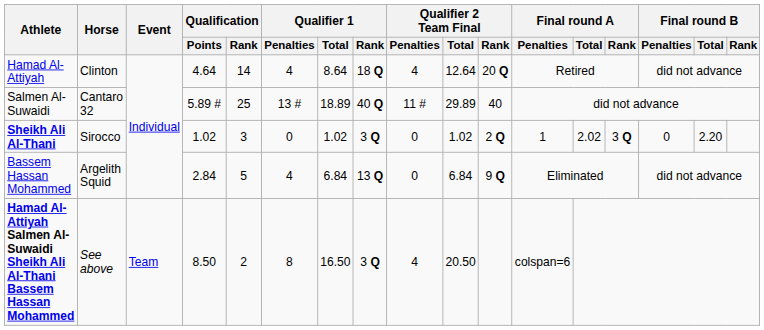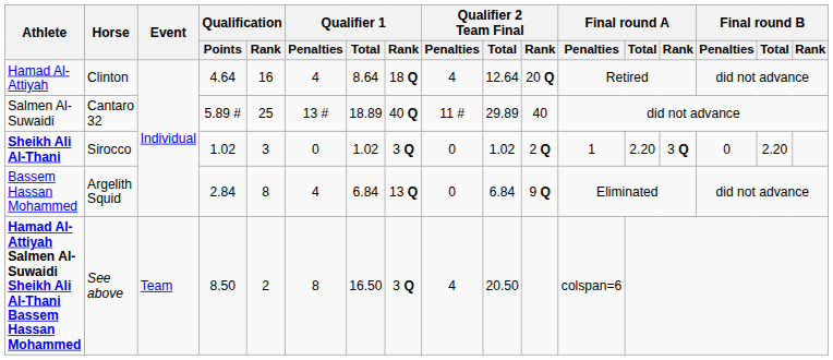 <table class=wikitable style=font-size:90%;text-align:center>
 <tr>
 <th rowspan=2>Athlete</th>
 <th rowspan=2>Horse</th>
 <th rowspan=2>Event</th>
 <th colspan=2>Qualification</th>
 <th colspan=3>Qualifier 1</th>
 <th colspan=3>Qualifier 2<br>Team Final</th>
 <th colspan=3>Final round A</th>
 <th colspan=3>Final round B</th>
 </tr>
 <tr style="font-size:95%">
 <th>Points</th>
 <th>Rank</th>
 <th>Penalties</th>
 <th>Total</th>
 <th>Rank</th>
 <th>Penalties</th>
 <th>Total</th>
 <th>Rank</th>
 <th>Penalties</th>
 <th>Total</th>
 <th>Rank</th>
 <th>Penalties</th>
 <th>Total</th>
 <th>Rank</th>
 </tr>
 <tr>
 <td align=left><a href='#'>Hamad Al-Attiyah</a></td>
 <td align=left>Clinton</td>
 <td align=left rowspan=4><a href='#'>Individual</a></td>
 <td>4.64</td>
-<td>14</td>
+<td>16</td>
 <td>4</td>
 <td>8.64</td>
 <td>18 <strong>Q</strong></td>
 <td>4</td>
 <td>12.64</td>
 <td>20 <strong>Q</strong></td>
 <td colspan=3>Retired</td>
 <td colspan=3>did not advance</td>
 </tr>
 <tr>
 <td align=left>Salmen Al-Suwaidi</td>
 <td align=left>Cantaro 32</td>
 <td>5.89 #</td>
 <td>25</td>
 <td>13 #</td>
 <td>18.89</td>
 <td>40 <strong>Q</strong></td>
 <td>11 #</td>
 <td>29.89</td>
 <td>40</td>
 <td colspan=6>did not advance</td>
 </tr>
 <tr>
 <td align=left><strong><a href='#'>Sheikh Ali Al-Thani</a></strong></td>
 <td align=left>Sirocco</td>
 <td>1.02</td>
 <td>3</td>
 <td>0</td>
 <td>1.02</td>
 <td>3 <strong>Q</strong></td>
 <td>0</td>
 <td>1.02</td>
 <td>2 <strong>Q</strong></td>
 <td>1</td>
-<td>2.02</td>
+<td>2.20</td>
 <td>3 <strong>Q</strong></td>
 <td>0</td>
 <td>2.20</td>
 <td></td>
 </tr>
 <tr>
 <td align=left><a href='#'>Bassem Hassan Mohammed</a></td>
 <td align=left>Argelith Squid</td>
 <td>2.84</td>
-<td>5</td>
+<td>8</td>
 <td>4</td>
 <td>6.84</td>
 <td>13 <strong>Q</strong></td>
 <td>0</td>
 <td>6.84</td>
 <td>9 <strong>Q</strong></td>
 <td colspan=3>Eliminated</td>
 <td colspan=3>did not advance</td>
 </tr>
 <tr>
 <td align=left><strong><a href='#'>Hamad Al-Attiyah</a><br>Salmen Al-Suwaidi<br><a href='#'>Sheikh Ali Al-Thani</a><br><a href='#'>Bassem Hassan Mohammed</a></strong></td>
 <td align=left><em>See above</em></td>
 <td align=left><a href='#'>Team</a></td>
 <td>8.50</td>
 <td>2</td>
 <td>8</td>
 <td>16.50</td>
 <td>3 <strong>Q</strong></td>
 <td>4</td>
 <td>20.50</td>
 <td></td>
 <td>colspan=6 </td>
 </tr>
 </table>
